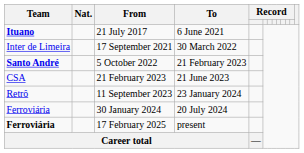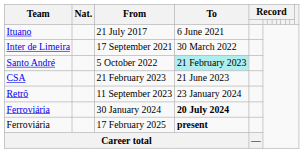 <table class="wikitable" style="text-align: center">
 <tr>
 <th rowspan="2">Team</th>
 <th rowspan="2">Nat.</th>
 <th rowspan="2">From</th>
 <th rowspan="2">To</th>
 <th colspan="8">Record</th>
 <th rowspan=2></th>
 </tr>
 <tr>
 <th></th>
 <th></th>
 <th></th>
 <th></th>
 <th></th>
 <th></th>
 <th></th>
 <th></th>
 </tr>
 <tr>
-<td align="left"><strong><a href='#'>Ituano</a></strong></td>
+<td align="left"><a href='#'>Ituano</a></td>
 <td></td>
 <td align=left>21 July 2017</td>
 <td align=left>6 June 2021<br></td>
 <td></td>
 </tr>
 <tr>
 <td align="left"><a href='#'>Inter de Limeira</a></td>
 <td></td>
 <td align=left>17 September 2021</td>
 <td align=left>30 March 2022<br></td>
 <td></td>
 </tr>
 <tr>
-<td align="left"><strong><a href='#'>Santo André</a></strong></td>
+<td align="left"><a href='#'>Santo André</a></td>
 <td></td>
 <td align=left>5 October 2022</td>
-<td align=left>21 February 2023<br></td>
+<td align=left style="background: paleturquoise;">21 February 2023<br></td>
 <td></td>
 </tr>
 <tr>
 <td align="left"><a href='#'>CSA</a></td>
 <td></td>
 <td align=left>21 February 2023</td>
 <td align=left>21 June 2023<br></td>
 <td></td>
 </tr>
 <tr>
 <td align="left"><a href='#'>Retrô</a></td>
 <td></td>
 <td align=left>11 September 2023</td>
 <td align=left>23 January 2024<br></td>
 <td></td>
 </tr>
 <tr>
 <td align="left"><a href='#'>Ferroviária</a></td>
 <td></td>
 <td align=left>30 January 2024</td>
-<td align=left>20 July 2024<br></td>
+<td align=left><strong>20 July 2024<br></strong></td>
 <td></td>
 </tr>
 <tr>
-<td align="left"><strong>Ferroviária</strong></td>
+<td align="left">Ferroviária</td>
 <td></td>
 <td align=left>17 February 2025</td>
-<td align=left>present<br></td>
+<td align=left><strong>present<br></strong></td>
 <td></td>
 </tr>
 <tr>
 <th colspan=4><strong>Career total</strong><br></th>
 <th>—</th>
 </tr>
 </table>
